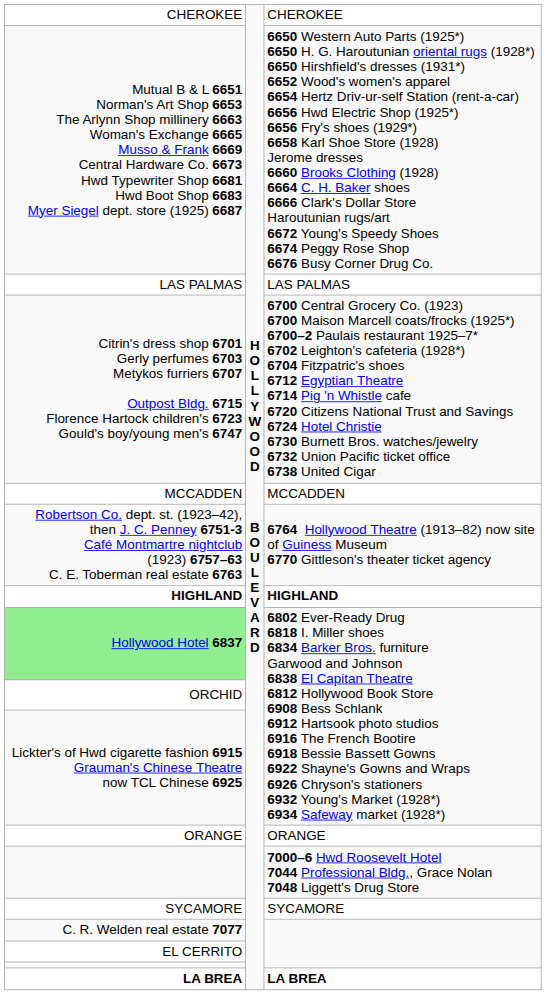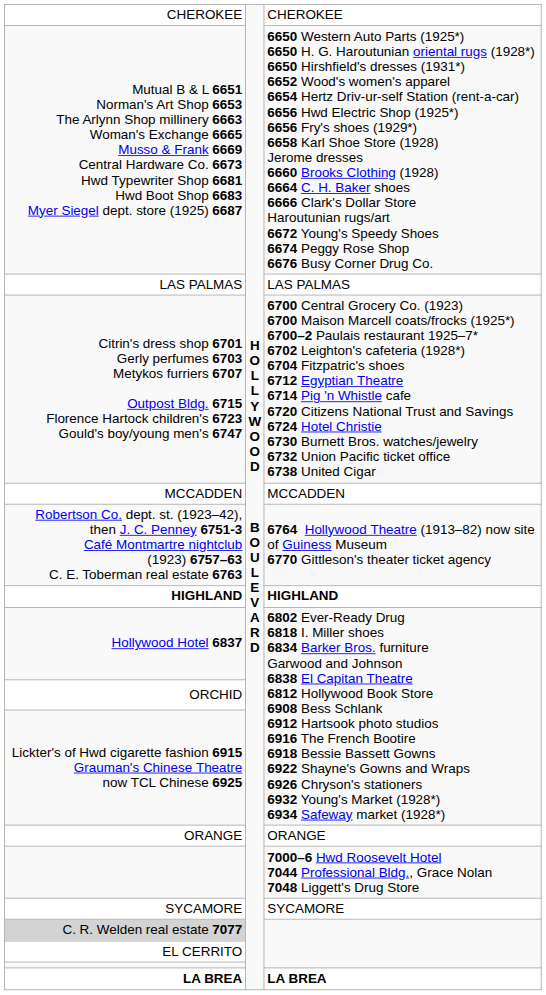 <table class=wikitable style="max-width:40em;">
 <tr>
 <td style="text-align:right;vertical-align=top;background-color:white;">CHEROKEE</td>
 <td style="text-align:center;vertical-align=top;" rowspan=17><strong>H<br>O<br>L<br>L<br>Y<br>W<br>O<br>O<br>D<br><br><br><br>B<br>O<br>U<br>L<br>E<br>V<br>A<br>R<br>D </strong></td>
 <td style="text-align:left;vertical-align=top;background-color:white;">CHEROKEE</td>
 </tr>
 <tr>
 <td style="text-align:right;vertical-align=top;">Mutual B & L <strong>6651</strong><br>Norman's Art Shop <strong>6653</strong><br>The Arlynn Shop millinery <strong>6663</strong><br>Woman's Exchange <strong>6665</strong><br><a href='#'>Musso & Frank</a> <strong>6669</strong><br>Central Hardware Co. <strong>6673</strong><br>Hwd Typewriter Shop <strong>6681</strong><br>Hwd Boot Shop <strong>6683</strong><br><a href='#'>Myer Siegel</a> dept. store (1925) <strong>6687</strong></td>
 <td style="text-align:left;vertical-align=top;"><strong>6650</strong> Western Auto Parts (1925*)<br><strong>6650</strong> H. G. Haroutunian <a href='#'>oriental rugs</a> (1928*)<br><strong>6650</strong> Hirshfield's dresses (1931*)<br><strong>6652</strong> Wood's women's apparel<br><strong>6654</strong> Hertz Driv-ur-self Station (rent-a-car)<br><strong>6656</strong> Hwd Electric Shop (1925*)<br><strong>6656</strong> Fry's shoes (1929*)<br><strong>6658</strong> Karl Shoe Store (1928)<br><strong></strong> Jerome dresses<br><strong>6660</strong> <a href='#'>Brooks Clothing</a> (1928)<br><strong>6664</strong> <a href='#'>C. H. Baker</a> shoes<br><strong>6666</strong> Clark's Dollar Store<br><strong></strong> Haroutunian rugs/art<br><strong>6672</strong> Young's Speedy Shoes<br><strong>6674</strong> Peggy Rose Shop<br><strong>6676</strong> Busy Corner Drug Co.</td>
 </tr>
 <tr>
 <td style="text-align:right;vertical-align=top;background-color:white;">LAS PALMAS</td>
 <td style="text-align:left;vertical-align=top;background-color:white;">LAS PALMAS</td>
 </tr>
 <tr>
 <td style="text-align:right;vertical-align=top;">Citrin's dress shop <strong>6701</strong><br>Gerly perfumes <strong>6703</strong><br>Metykos furriers <strong>6707</strong><br><br><a href='#'>Outpost Bldg.</a> <strong>6715</strong><br>Florence Hartock children's <strong>6723</strong><br>Gould's boy/young men's <strong>6747</strong></td>
 <td style="text-align:left;vertical-align=top;"><strong>6700</strong> Central Grocery Co. (1923)<br>︎<strong>6700</strong> Maison Marcell coats/frocks (1925*)<br><strong>6700–2</strong> Paulais restaurant 1925–7*<br><strong>6702</strong> Leighton's cafeteria (1928*)<br><strong>6704</strong> Fitzpatric's shoes<br><strong>6712</strong> <a href='#'>Egyptian Theatre</a><br><strong>6714</strong> <a href='#'>Pig 'n Whistle</a> cafe<br><strong>6720</strong> Citizens National Trust and Savings<br><strong>6724</strong> <a href='#'>Hotel Christie</a><br><strong>6730</strong> Burnett Bros. watches/jewelry<br><strong>6732</strong> Union Pacific ticket office<br><strong>6738</strong> United Cigar</td>
 </tr>
 <tr>
 <td style="text-align:right;vertical-align=top;background-color:white;">MCCADDEN</td>
 <td style="text-align:left;vertical-align=top;background-color:white;">MCCADDEN</td>
 </tr>
 <tr>
 <td style="text-align:right;vertical-align=top;"><a href='#'>Robertson Co.</a> dept. st. (1923–42),<br>then <a href='#'>J. C. Penney</a> <strong>6751-3</strong><br><a href='#'>Café Montmartre nightclub</a> (1923) <strong>6757–63</strong><br>C. E. Toberman real estate <strong>6763</strong></td>
 <td style="text-align:left;vertical-align=top;"><strong>6764</strong>  <a href='#'>Hollywood Theatre</a> (1913–82) now site of <a href='#'>Guiness</a> Museum<br><strong>6770</strong> Gittleson's theater ticket agency<br></td>
 </tr>
 <tr>
 <td style="text-align:right;vertical-align=top;background-color:white;"><strong>HIGHLAND</strong></td>
 <td style="text-align:left;vertical-align=top;background-color:white;"><strong>HIGHLAND</strong></td>
 </tr>
 <tr>
-<td style="background: lightgreen; text-align:right;vertical-align=top;"><br> <a href='#'>Hollywood Hotel</a> <strong>6837</strong><br><br></td>
+<td style="text-align:right;vertical-align=top;"><br> <a href='#'>Hollywood Hotel</a> <strong>6837</strong><br><br></td>
 <td style="text-align:left;vertical-align=top;" ROWSPAN= 3><strong>6802</strong> Ever-Ready Drug<br><strong>6818</strong> I. Miller shoes<br><strong>6834</strong> <a href='#'>Barker Bros.</a> furniture<br>Garwood and Johnson<br><strong>6838</strong> <a href='#'>El Capitan Theatre</a><br><strong>6812</strong> Hollywood Book Store<br><strong>6908</strong> Bess Schlank<br><strong>6912</strong> Hartsook photo studios<br><strong>6916</strong> The French Bootire<br><strong>6918</strong> Bessie Bassett Gowns<br><strong>6922</strong> Shayne's Gowns and Wraps<br><strong>6926</strong> Chryson's stationers<br><strong>6932</strong> Young's Market (1928*)<br><strong>6934</strong> <a href='#'>Safeway</a> market (1928*)</td>
 </tr>
 <tr>
 <td style="text-align:right;vertical-align=top;background-color:white;">ORCHID</td>
 </tr>
 <tr>
 <td style="text-align:right;vertical-align=top;"><br>Lickter's of Hwd cigarette fashion <strong>6915</strong><br><a href='#'>Grauman's Chinese Theatre</a><br>now TCL Chinese <strong>6925</strong><br><br></td>
 </tr>
 <tr>
 <td style="text-align:right;vertical-align=top;background-color:white;">ORANGE</td>
 <td style="text-align:left;vertical-align=top;background-color:white;">ORANGE</td>
 </tr>
 <tr>
 <td style="text-align:right;vertical-align=top;"></td>
 <td style="text-align:left;vertical-align=top;"><strong>7000–6</strong> <a href='#'>Hwd Roosevelt Hotel</a><br><strong>7044</strong> <a href='#'>Professional Bldg.</a>, Grace Nolan<br><strong>7048</strong> Liggett's Drug Store</td>
 </tr>
 <tr>
 <td style="text-align:right;vertical-align=top;background-color:white;">SYCAMORE</td>
 <td style="text-align:left;vertical-align=top;background-color:white;">SYCAMORE</td>
 </tr>
 <tr>
-<td style="text-align:right;vertical-align=top;">C. R. Welden real estate <strong>7077</strong></td>
+<td style="background: lightgrey; text-align:right;vertical-align=top;">C. R. Welden real estate <strong>7077</strong></td>
 <td style="text-align:left;vertical-align=top;" ROWSPAN=3></td>
 </tr>
 <tr>
 <td style="text-align:right;vertical-align=top;background-color:white;">EL CERRITO</td>
 </tr>
 <tr>
 <td style="text-align:right;vertical-align=top;"></td>
 </tr>
 <tr>
 <td style="text-align:right;vertical-align=top;background-color:white;"><strong>LA BREA</strong></td>
 <td style="text-align:left;vertical-align=top;background-color:white;"><strong>LA BREA</strong></td>
 </tr>
 </table>
